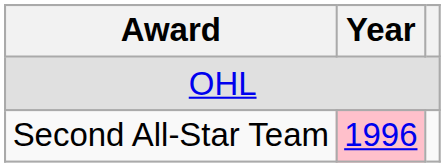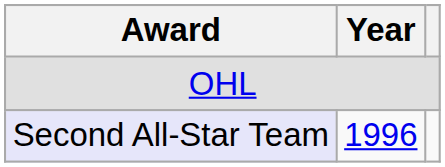 <table class="wikitable">
 <tr>
 <th>Award</th>
 <th>Year</th>
 <th></th>
 </tr>
 <tr ALIGN="center" bgcolor="#e0e0e0">
 <td colspan="3"><a href='#'>OHL</a></td>
 </tr>
 <tr>
-<td>Second All-Star Team</td>
-<td style="background: pink;"><a href='#'>1996</a></td>
+<td style="background: lavender;">Second All-Star Team</td>
+<td><a href='#'>1996</a></td>
 <td></td>
 </tr>
 </table>
